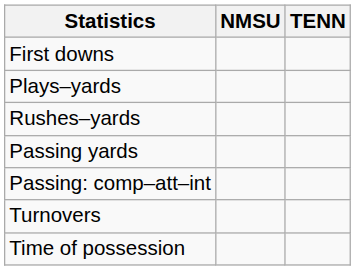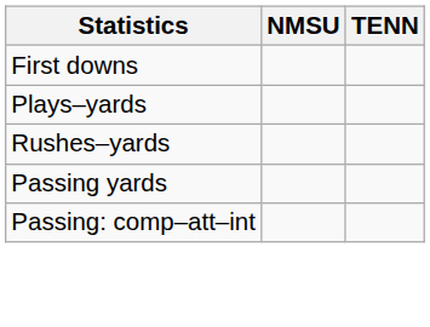 <table class="wikitable" style="float:left">
 <tr>
 <th>Statistics</th>
 <th>NMSU</th>
 <th>TENN</th>
 </tr>
 <tr>
 <td>First downs</td>
 <td></td>
 <td></td>
 </tr>
 <tr>
 <td>Plays–yards</td>
 <td></td>
 <td></td>
 </tr>
 <tr>
 <td>Rushes–yards</td>
 <td></td>
 <td></td>
 </tr>
 <tr>
 <td>Passing yards</td>
 <td></td>
 <td></td>
 </tr>
 <tr>
 <td>Passing: comp–att–int</td>
 <td></td>
 <td></td>
 </tr>
-<tr>
-<td>Turnovers</td>
-<td></td>
-<td></td>
-</tr>
-<tr>
-<td>Time of possession</td>
-<td></td>
-<td></td>
-</tr>
 </table>
